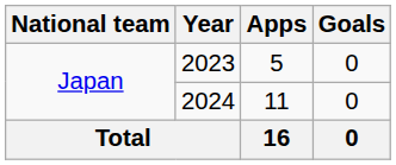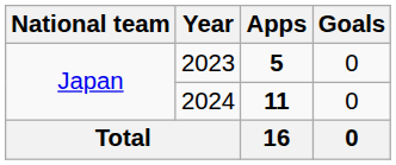 <table class="wikitable" style="text-align:center">
 <tr>
 <th>National team</th>
 <th>Year</th>
 <th>Apps</th>
 <th>Goals</th>
 </tr>
 <tr>
 <td rowspan="2"><a href='#'>Japan</a></td>
 <td>2023</td>
-<td>5</td>
+<td><strong>5</strong></td>
 <td>0</td>
 </tr>
 <tr>
 <td>2024</td>
-<td>11</td>
+<td><strong>11</strong></td>
 <td>0</td>
 </tr>
 <tr>
 <th colspan="2">Total</th>
 <th>16</th>
 <th>0</th>
 </tr>
 </table>
